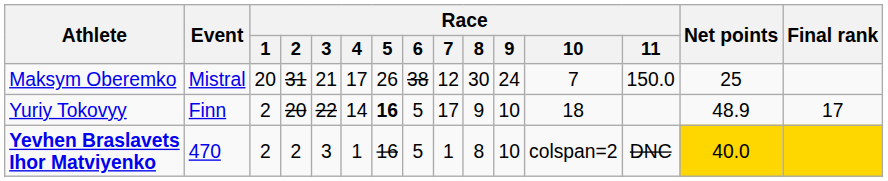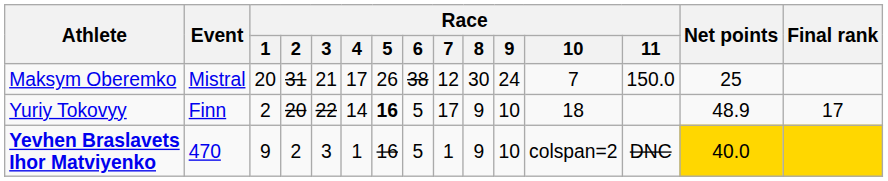 <table class="wikitable" style="font-size:90%">
 <tr>
 <th rowspan="2">Athlete</th>
 <th rowspan="2">Event</th>
 <th colspan=11>Race</th>
 <th rowspan=2>Net points</th>
 <th rowspan=2>Final rank</th>
 </tr>
 <tr style="font-size:95%">
 <th>1</th>
 <th>2</th>
 <th>3</th>
 <th>4</th>
 <th>5</th>
 <th>6</th>
 <th>7</th>
 <th>8</th>
 <th>9</th>
 <th>10</th>
 <th>11</th>
 </tr>
 <tr align=center>
 <td align=left><a href='#'>Maksym Oberemko</a></td>
 <td align=left><a href='#'>Mistral</a></td>
 <td>20</td>
 <td><s>31</s></td>
 <td>21</td>
 <td>17</td>
 <td>26</td>
 <td><s>38</s></td>
 <td>12</td>
 <td>30</td>
 <td>24</td>
 <td>7</td>
 <td>150.0</td>
 <td>25</td>
 </tr>
 <tr align=center>
 <td align=left><a href='#'>Yuriy Tokovyy</a></td>
 <td align=left><a href='#'>Finn</a></td>
 <td>2</td>
 <td><s>20</s></td>
 <td><s>22</s></td>
 <td>14</td>
 <td><strong>16</strong></td>
 <td>5</td>
 <td>17</td>
 <td>9</td>
 <td>10</td>
 <td>18</td>
 <td></td>
 <td>48.9</td>
 <td>17</td>
 </tr>
 <tr align=center>
 <td align=left><strong><a href='#'>Yevhen Braslavets</a><br><a href='#'>Ihor Matviyenko</a></strong></td>
 <td align=left><a href='#'>470</a></td>
-<td>2</td>
+<td>9</td>
 <td>2</td>
 <td>3</td>
 <td>1</td>
 <td><s>16</s></td>
 <td>5</td>
 <td>1</td>
-<td>8</td>
+<td>9</td>
 <td>10</td>
 <td>colspan=2 </td>
 <td><s>DNC</s></td>
 <td align="center" bgcolor='gold'>40.0</td>
 <td align="center" bgcolor='gold'></td>
 </tr>
 </table>
